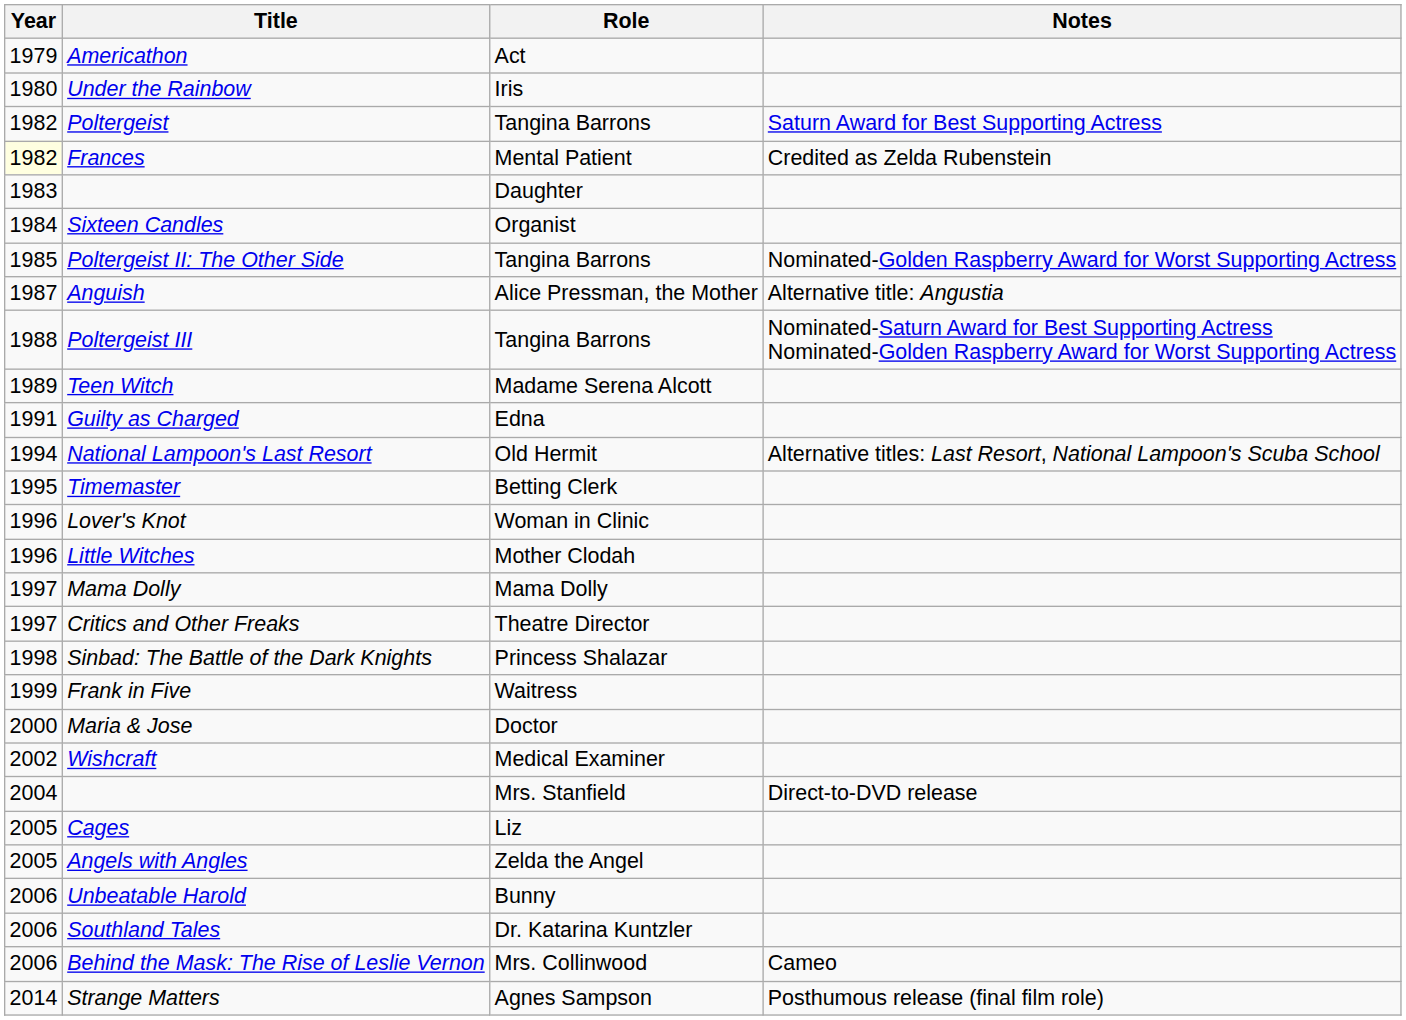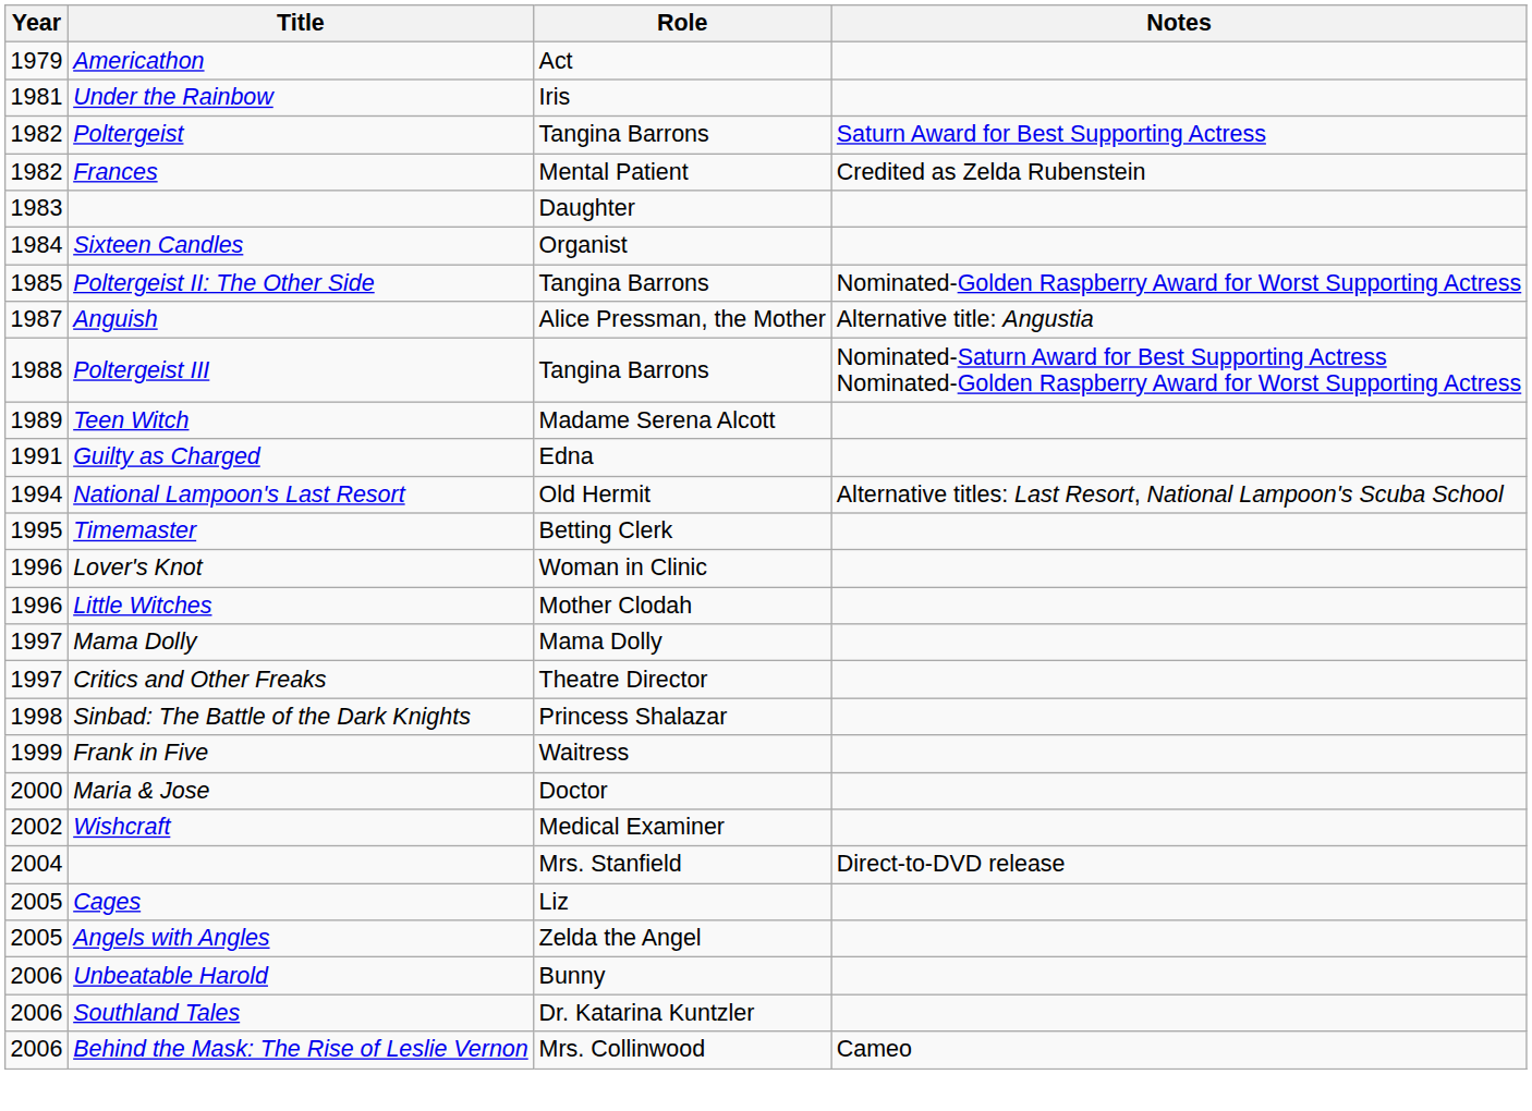 <table class="wikitable sortable">
 <tr>
 <th>Year</th>
 <th>Title</th>
 <th>Role</th>
 <th class="unsortable">Notes</th>
 </tr>
 <tr>
 <td>1979</td>
 <td><em><a href='#'>Americathon</a></em></td>
 <td>Act</td>
 <td></td>
 </tr>
 <tr>
-<td>1980</td>
+<td>1981</td>
 <td><em><a href='#'>Under the Rainbow</a></em></td>
 <td>Iris</td>
 <td></td>
 </tr>
 <tr>
 <td>1982</td>
 <td><em><a href='#'>Poltergeist</a></em></td>
 <td>Tangina Barrons</td>
 <td><a href='#'>Saturn Award for Best Supporting Actress</a></td>
 </tr>
 <tr>
-<td style="background: lightyellow;">1982</td>
+<td>1982</td>
 <td><em><a href='#'>Frances</a></em></td>
 <td>Mental Patient</td>
 <td>Credited as Zelda Rubenstein</td>
 </tr>
 <tr>
 <td>1983</td>
 <td><em></em></td>
 <td>Daughter</td>
 <td></td>
 </tr>
 <tr>
 <td>1984</td>
 <td><em><a href='#'>Sixteen Candles</a></em></td>
 <td>Organist</td>
 <td></td>
 </tr>
 <tr>
 <td>1985</td>
 <td><em><a href='#'>Poltergeist II: The Other Side</a></em></td>
 <td>Tangina Barrons</td>
 <td>Nominated-<a href='#'>Golden Raspberry Award for Worst Supporting Actress</a></td>
 </tr>
 <tr>
 <td>1987</td>
 <td><em><a href='#'>Anguish</a></em></td>
 <td>Alice Pressman, the Mother</td>
 <td>Alternative title: <em>Angustia</em></td>
 </tr>
 <tr>
 <td>1988</td>
 <td><em><a href='#'>Poltergeist III</a></em></td>
 <td>Tangina Barrons</td>
 <td>Nominated-<a href='#'>Saturn Award for Best Supporting Actress</a><br>Nominated-<a href='#'>Golden Raspberry Award for Worst Supporting Actress</a></td>
 </tr>
 <tr>
 <td>1989</td>
 <td><em><a href='#'>Teen Witch</a></em></td>
 <td>Madame Serena Alcott</td>
 <td></td>
 </tr>
 <tr>
 <td>1991</td>
 <td><em><a href='#'>Guilty as Charged</a></em></td>
 <td>Edna</td>
 <td></td>
 </tr>
 <tr>
 <td>1994</td>
 <td><em><a href='#'>National Lampoon's Last Resort</a></em></td>
 <td>Old Hermit</td>
 <td>Alternative titles: <em>Last Resort</em>, <em>National Lampoon's Scuba School</em></td>
 </tr>
 <tr>
 <td>1995</td>
 <td><em><a href='#'>Timemaster</a></em></td>
 <td>Betting Clerk</td>
 <td></td>
 </tr>
 <tr>
 <td>1996</td>
 <td><em>Lover's Knot</em></td>
 <td>Woman in Clinic</td>
 <td></td>
 </tr>
 <tr>
 <td>1996</td>
 <td><em><a href='#'>Little Witches</a></em></td>
 <td>Mother Clodah</td>
 <td></td>
 </tr>
 <tr>
 <td>1997</td>
 <td><em>Mama Dolly</em></td>
 <td>Mama Dolly</td>
 <td></td>
 </tr>
 <tr>
 <td>1997</td>
 <td><em>Critics and Other Freaks</em></td>
 <td>Theatre Director</td>
 <td></td>
 </tr>
 <tr>
 <td>1998</td>
 <td><em>Sinbad: The Battle of the Dark Knights</em></td>
 <td>Princess Shalazar</td>
 <td></td>
 </tr>
 <tr>
 <td>1999</td>
 <td><em>Frank in Five</em></td>
 <td>Waitress</td>
 <td></td>
 </tr>
 <tr>
 <td>2000</td>
 <td><em>Maria & Jose</em></td>
 <td>Doctor</td>
 <td></td>
 </tr>
 <tr>
 <td>2002</td>
 <td><em><a href='#'>Wishcraft</a></em></td>
 <td>Medical Examiner</td>
 <td></td>
 </tr>
 <tr>
 <td>2004</td>
 <td><em></em></td>
 <td>Mrs. Stanfield</td>
 <td>Direct-to-DVD release</td>
 </tr>
 <tr>
 <td>2005</td>
 <td><em><a href='#'>Cages</a></em></td>
 <td>Liz</td>
 <td></td>
 </tr>
 <tr>
 <td>2005</td>
 <td><em><a href='#'>Angels with Angles</a></em></td>
 <td>Zelda the Angel</td>
 <td></td>
 </tr>
 <tr>
 <td>2006</td>
 <td><em><a href='#'>Unbeatable Harold</a></em></td>
 <td>Bunny</td>
 <td></td>
 </tr>
 <tr>
 <td>2006</td>
 <td><em><a href='#'>Southland Tales</a></em></td>
 <td>Dr. Katarina Kuntzler</td>
 <td></td>
 </tr>
 <tr>
 <td>2006</td>
 <td><em><a href='#'>Behind the Mask: The Rise of Leslie Vernon</a></em></td>
 <td>Mrs. Collinwood</td>
 <td>Cameo</td>
 </tr>
-<tr>
-<td>2014</td>
-<td><em>Strange Matters</em></td>
-<td>Agnes Sampson</td>
-<td>Posthumous release (final film role)</td>
-</tr>
 </table>
